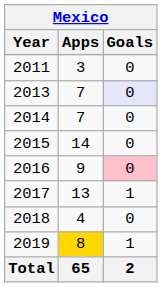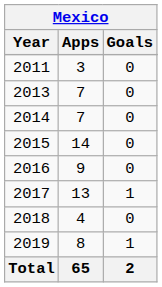 <table class="wikitable" style="text-align:center">
 <tr>
 <th colspan=6><a href='#'>Mexico</a></th>
 </tr>
 <tr>
 <th>Year</th>
 <th>Apps</th>
 <th>Goals</th>
 </tr>
 <tr>
 </tr>
 <tr>
 <td>2011</td>
 <td>3</td>
 <td>0</td>
 </tr>
 <tr>
 <td>2013</td>
 <td>7</td>
-<td style="background: lavender;">0</td>
+<td>0</td>
 </tr>
 <tr>
 <td>2014</td>
 <td>7</td>
 <td>0</td>
 </tr>
 <tr>
 <td>2015</td>
 <td>14</td>
 <td>0</td>
 </tr>
 <tr>
 <td>2016</td>
 <td>9</td>
-<td style="background: pink;">0</td>
+<td>0</td>
 </tr>
 <tr>
 <td>2017</td>
 <td>13</td>
 <td>1</td>
 </tr>
 <tr>
 <td>2018</td>
 <td>4</td>
 <td>0</td>
 </tr>
 <tr>
 <td>2019</td>
-<td style="background: gold;">8</td>
+<td>8</td>
 <td>1</td>
 </tr>
 <tr>
 <th>Total</th>
 <th>65</th>
 <th>2</th>
 </tr>
 </table>
